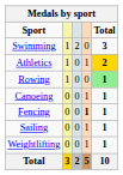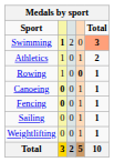 <table class="wikitable" style="font-size:85%; float: right;">
 <tr style="background:#efefef;">
 <th colspan=5><strong>Medals by sport</strong></th>
 </tr>
 <tr align=center>
 <td><strong>Sport</strong></td>
 <td bgcolor=#f7f6a8></td>
 <td bgcolor=#dce5e5></td>
 <td bgcolor=#ffdab9></td>
 <td><strong>Total</strong></td>
 </tr>
 <tr align=center>
 <td><a href='#'>Swimming</a></td>
-<td style="background:#F7F6A8;">1</td>
+<td style="background:#F7F6A8;"><strong>1</strong></td>
 <td style="background:#DCE5E5;">2</td>
 <td style="background:#FFDAB9;">0</td>
-<td><strong>3</strong></td>
+<td style="background: lightsalmon;"><strong>3</strong></td>
 </tr>
 <tr align=center>
 <td><a href='#'>Athletics</a></td>
 <td style="background:#F7F6A8;">1</td>
 <td style="background:#DCE5E5;">0</td>
 <td style="background:#FFDAB9;">1</td>
-<td style="background: gold;"><strong>2</strong></td>
+<td><strong>2</strong></td>
 </tr>
 <tr align=center>
 <td><a href='#'>Rowing</a></td>
 <td style="background:#F7F6A8;">1</td>
 <td style="background:#DCE5E5;">0</td>
-<td style="background:#FFDAB9;">0</td>
-<td style="background: lightgreen;"><strong>1</strong></td>
+<td style="background:#FFDAB9;"><strong>0</strong></td>
+<td><strong>1</strong></td>
 </tr>
 <tr align=center>
 <td><a href='#'>Canoeing</a></td>
-<td style="background:#F7F6A8;">0</td>
+<td style="background:#F7F6A8;"><strong>0</strong></td>
 <td style="background:#DCE5E5;">0</td>
 <td style="background:#FFDAB9;">1</td>
 <td><strong>1</strong></td>
 </tr>
 <tr align=center>
 <td><a href='#'>Fencing</a></td>
-<td style="background:#F7F6A8;">0</td>
+<td style="background:#F7F6A8;"><strong>0</strong></td>
 <td style="background:#DCE5E5;">0</td>
-<td style="background:#FFDAB9;"><strong>1</strong></td>
+<td style="background:#FFDAB9;">1</td>
 <td><strong>1</strong></td>
 </tr>
 <tr align=center>
 <td><a href='#'>Sailing</a></td>
 <td style="background:#F7F6A8;">0</td>
 <td style="background:#DCE5E5;">0</td>
 <td style="background:#FFDAB9;">1</td>
 <td><strong>1</strong></td>
 </tr>
 <tr align=center>
 <td><a href='#'>Weightlifting</a></td>
 <td style="background:#F7F6A8;">0</td>
 <td style="background:#DCE5E5;">0</td>
 <td style="background:#FFDAB9;">1</td>
 <td><strong>1</strong></td>
 </tr>
 <tr align=center>
 <th><strong>Total</strong></th>
 <th style="background:gold;"><strong>3</strong></th>
 <th style="background:silver;"><strong>2</strong></th>
 <th style="background:#c96;"><strong>5</strong></th>
 <th><strong>10</strong></th>
 </tr>
 </table>
